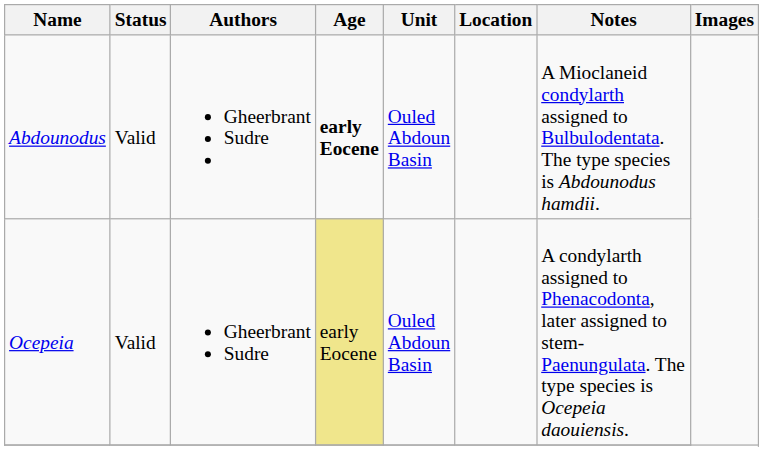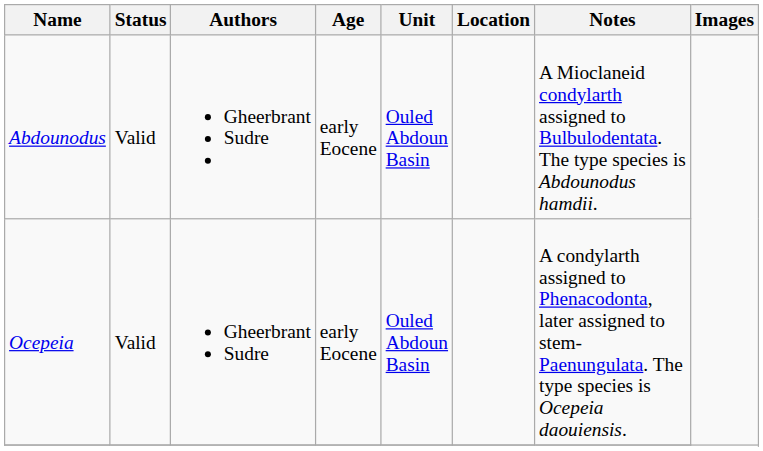 <table class="wikitable sortable" align="center" width="100%">
 <tr>
 <th>Name</th>
 <th>Status</th>
 <th>Authors</th>
 <th>Age</th>
 <th>Unit</th>
 <th>Location</th>
 <th width="33%" class="unsortable">Notes</th>
 <th class="unsortable">Images</th>
 </tr>
 <tr>
 <td><br><em><a href='#'>Abdounodus </a></em></td>
 <td><br>Valid</td>
 <td><br><ul><li>Gheerbrant</li><li>Sudre</li><li></li></ul></td>
-<td><strong><br>early Eocene</strong></td>
+<td><br>early Eocene</td>
 <td><br><a href='#'>Ouled Abdoun Basin</a></td>
 <td><br></td>
 <td><br>A Mioclaneid <a href='#'>condylarth</a> assigned to <a href='#'>Bulbulodentata</a>. The type species is <em>Abdounodus hamdii</em>.</td>
 <td rowspan="99"><br></td>
 </tr>
 <tr>
 <td><br><em><a href='#'>Ocepeia</a></em></td>
 <td><br>Valid</td>
 <td><br><ul><li>Gheerbrant</li><li>Sudre</li></ul></td>
-<td style="background: khaki;"><br>early Eocene</td>
+<td><br>early Eocene</td>
 <td><br><a href='#'>Ouled Abdoun Basin</a></td>
 <td><br></td>
 <td><br>A condylarth assigned to <a href='#'>Phenacodonta</a>, later assigned to stem-<a href='#'>Paenungulata</a>.  The type species is <em>Ocepeia daouiensis</em>.</td>
 </tr>
 <tr>
 </tr>
 </table>
